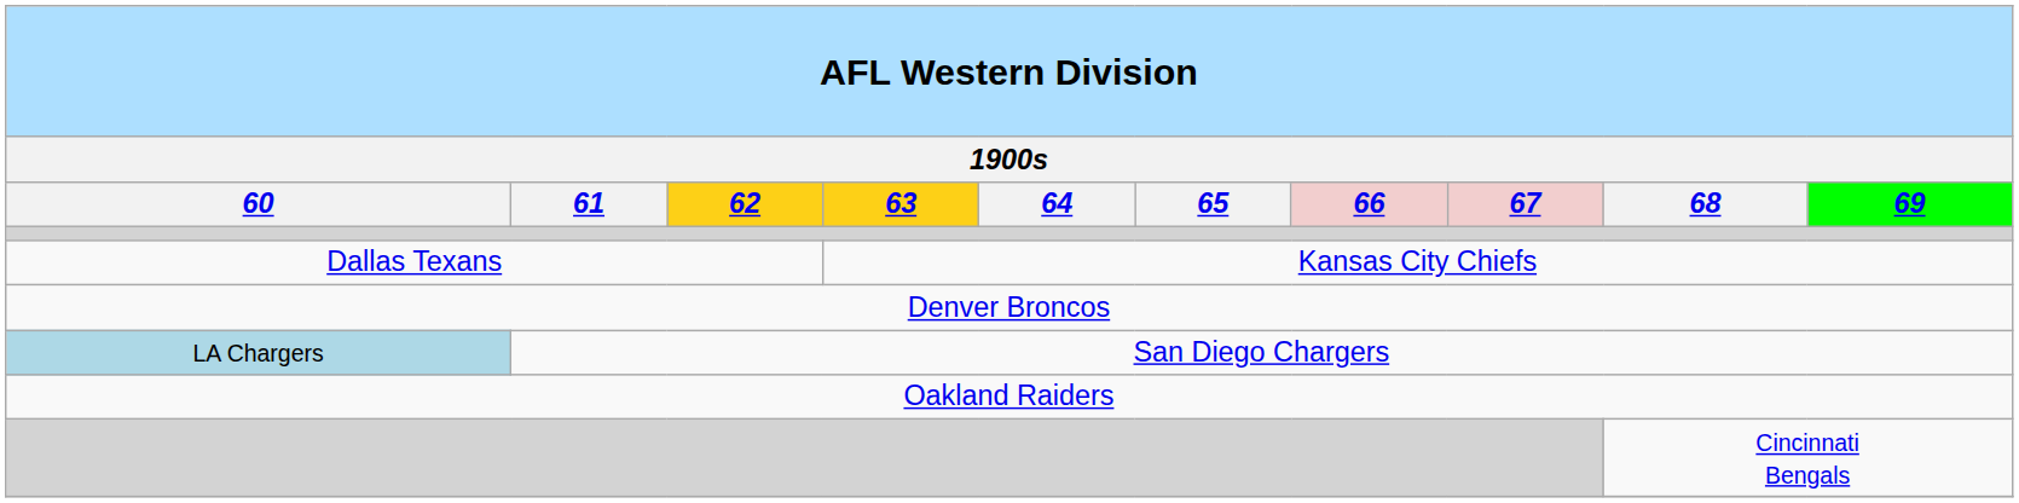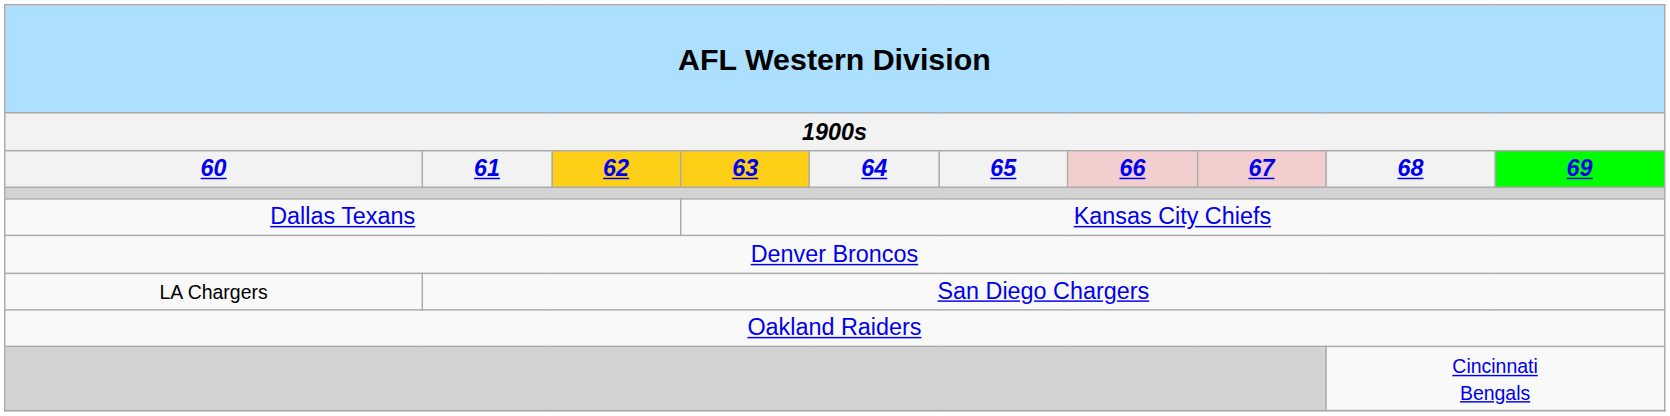 <table class="wikitable" style="text-align:center" width="90%">
 <tr>
 <th colspan="10" style="text-align:center; font-size:130%; background:#addfff; height:65px">AFL Western Division</th>
 </tr>
 <tr>
 <th colspan=10><em>1900s</em></th>
 </tr>
 <tr>
 <th><em><a href='#'>60</a></em></th>
 <th><em><a href='#'>61</a></em></th>
 <th style="background:#FDD017;"><em><a href='#'>62</a></em></th>
 <th style="background:#FDD017;"><em><a href='#'>63</a></em></th>
 <th><em><a href='#'>64</a></em></th>
 <th><em><a href='#'>65</a></em></th>
 <th style="background:#F2CECE;"><em><a href='#'>66</a></em></th>
 <th style="background:#F2CECE;"><em><a href='#'>67</a></em></th>
 <th><em><a href='#'>68</a></em></th>
 <th style="background:#00ff00;"><em><a href='#'>69</a></em></th>
 </tr>
 <tr>
 <td colspan="10" style="background:lightgrey; height:.5px;"></td>
 </tr>
 <tr>
 <td colspan="3"><a href='#'>Dallas Texans</a></td>
 <td colspan="7"><a href='#'>Kansas City Chiefs</a> </td>
 </tr>
 <tr>
 <td colspan="10"><a href='#'>Denver Broncos</a></td>
 </tr>
 <tr>
-<td colspan="1" style="background: lightblue;"><small>LA Chargers</small></td>
+<td colspan="1"><small>LA Chargers</small></td>
 <td colspan="9"><a href='#'>San Diego Chargers</a> </td>
 </tr>
 <tr>
 <td colspan="10"><a href='#'>Oakland Raiders</a></td>
 </tr>
 <tr>
 <td colspan="8" style="background:lightgrey;"> </td>
 <td colspan="2"><small> <a href='#'>Cincinnati<br> Bengals</a></small> </td>
 </tr>
 <tr>
 </tr>
 </table>
